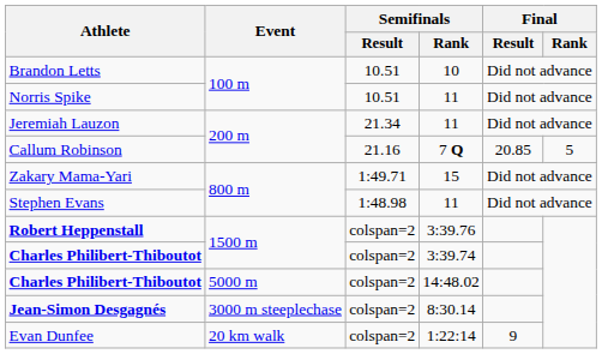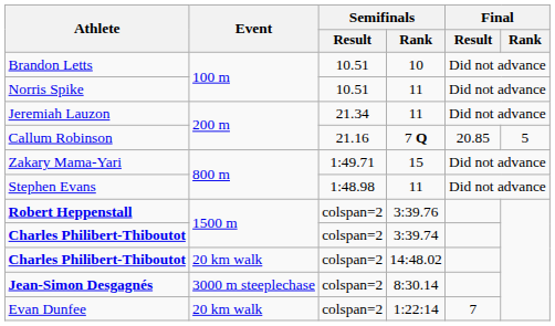 <table class=wikitable style="font-size:90%">
 <tr>
 <th rowspan=2>Athlete</th>
 <th rowspan=2>Event</th>
 <th colspan=2>Semifinals</th>
 <th colspan=2>Final</th>
 </tr>
 <tr style="font-size:95%">
 <th>Result</th>
 <th>Rank</th>
 <th>Result</th>
 <th>Rank</th>
 </tr>
 <tr align=center>
 <td align=left><a href='#'>Brandon Letts</a></td>
 <td align=left rowspan=2><a href='#'>100 m</a></td>
 <td>10.51</td>
 <td>10</td>
 <td colspan=2>Did not advance</td>
 </tr>
 <tr align=center>
 <td align=left><a href='#'>Norris Spike</a></td>
 <td>10.51</td>
 <td>11</td>
 <td colspan=2>Did not advance</td>
 </tr>
 <tr align=center>
 <td align=left><a href='#'>Jeremiah Lauzon</a></td>
 <td align=left rowspan=2><a href='#'>200 m</a></td>
 <td>21.34</td>
 <td>11</td>
 <td colspan=2>Did not advance</td>
 </tr>
 <tr align=center>
 <td align=left><a href='#'>Callum Robinson</a></td>
 <td>21.16</td>
 <td>7 <strong>Q</strong></td>
 <td>20.85</td>
 <td>5</td>
 </tr>
 <tr align=center>
 <td align=left><a href='#'>Zakary Mama-Yari</a></td>
 <td align=left rowspan=2><a href='#'>800 m</a></td>
 <td>1:49.71</td>
 <td>15</td>
 <td colspan=2>Did not advance</td>
 </tr>
 <tr align=center>
 <td align=left><a href='#'>Stephen Evans</a></td>
 <td>1:48.98</td>
 <td>11</td>
 <td colspan=2>Did not advance</td>
 </tr>
 <tr align=center>
 <td align=left><strong><a href='#'>Robert Heppenstall</a></strong></td>
 <td align=left rowspan=2><a href='#'>1500 m</a></td>
 <td>colspan=2 </td>
 <td>3:39.76</td>
 <td></td>
 </tr>
 <tr align=center>
 <td align=left><strong><a href='#'>Charles Philibert-Thiboutot</a></strong></td>
 <td>colspan=2 </td>
 <td>3:39.74</td>
 <td></td>
 </tr>
 <tr align=center>
 <td align=left><strong><a href='#'>Charles Philibert-Thiboutot</a></strong></td>
-<td align=left><a href='#'>5000 m</a></td>
+<td align=left><a href='#'>20 km walk</a></td>
 <td>colspan=2 </td>
 <td>14:48.02</td>
 <td></td>
 </tr>
 <tr align=center>
 <td align=left><strong><a href='#'>Jean-Simon Desgagnés</a></strong></td>
 <td align=left><a href='#'>3000 m steeplechase</a></td>
 <td>colspan=2 </td>
 <td>8:30.14</td>
 <td></td>
 </tr>
 <tr align=center>
 <td align=left><a href='#'>Evan Dunfee</a></td>
 <td align=left><a href='#'>20 km walk</a></td>
 <td>colspan=2 </td>
 <td>1:22:14</td>
-<td>9</td>
+<td>7</td>
 </tr>
 </table>
